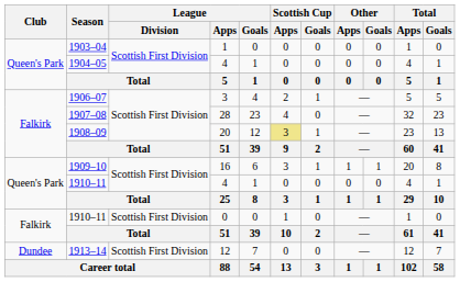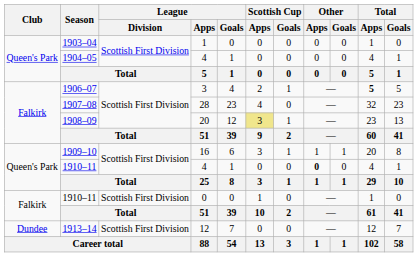 <table class="wikitable" style="text-align: center;">
 <tr>
 <th rowspan="2">Club</th>
 <th rowspan="2">Season</th>
 <th colspan="3">League</th>
 <th colspan="2">Scottish Cup</th>
 <th colspan="2">Other</th>
 <th colspan="2">Total</th>
 </tr>
 <tr>
 <th>Division</th>
 <th>Apps</th>
 <th>Goals</th>
 <th>Apps</th>
 <th>Goals</th>
 <th>Apps</th>
 <th>Goals</th>
 <th>Apps</th>
 <th>Goals</th>
 </tr>
 <tr>
 <td rowspan="3"><a href='#'>Queen's Park</a></td>
 <td><a href='#'>1903–04</a></td>
 <td rowspan="2"><a href='#'>Scottish First Division</a></td>
 <td>1</td>
 <td>0</td>
 <td>0</td>
 <td>0</td>
 <td>0</td>
 <td>0</td>
 <td>1</td>
 <td>0</td>
 </tr>
 <tr>
 <td><a href='#'>1904–05</a></td>
 <td>4</td>
 <td>1</td>
 <td>0</td>
 <td>0</td>
 <td>0</td>
 <td>0</td>
 <td>4</td>
 <td>1</td>
 </tr>
 <tr>
 <th colspan="2">Total</th>
 <th>5</th>
 <th>1</th>
 <th>0</th>
 <th>0</th>
 <th>0</th>
 <th>0</th>
 <th>5</th>
 <th>1</th>
 </tr>
 <tr>
 <td rowspan="4"><a href='#'>Falkirk</a></td>
 <td><a href='#'>1906–07</a></td>
 <td rowspan="3">Scottish First Division</td>
 <td>3</td>
 <td>4</td>
 <td>2</td>
 <td>1</td>
 <td colspan="2">—</td>
-<td>5</td>
+<td><strong>5</strong></td>
 <td>5</td>
 </tr>
 <tr>
 <td><a href='#'>1907–08</a></td>
 <td>28</td>
 <td>23</td>
 <td>4</td>
 <td>0</td>
 <td colspan="2">—</td>
 <td>32</td>
 <td>23</td>
 </tr>
 <tr>
 <td><a href='#'>1908–09</a></td>
 <td>20</td>
 <td>12</td>
 <td style="background: khaki;">3</td>
 <td>1</td>
 <td colspan="2">—</td>
 <td>23</td>
 <td>13</td>
 </tr>
 <tr>
 <th colspan="2">Total</th>
 <th>51</th>
 <th>39</th>
 <th>9</th>
 <th>2</th>
 <th colspan="2">—</th>
 <th>60</th>
 <th>41</th>
 </tr>
 <tr>
 <td rowspan="3">Queen's Park</td>
 <td><a href='#'>1909–10</a></td>
 <td rowspan="2">Scottish First Division</td>
 <td>16</td>
 <td>6</td>
 <td>3</td>
 <td>1</td>
 <td>1</td>
 <td>1</td>
 <td>20</td>
 <td>8</td>
 </tr>
 <tr>
 <td><a href='#'>1910–11</a></td>
 <td>4</td>
 <td>1</td>
 <td>0</td>
 <td>0</td>
-<td>0</td>
+<td><strong>0</strong></td>
 <td>0</td>
 <td>4</td>
 <td>1</td>
 </tr>
 <tr>
 <th colspan="2">Total</th>
 <th>25</th>
 <th>8</th>
 <th>3</th>
 <th>1</th>
 <th>1</th>
 <th>1</th>
 <th>29</th>
 <th>10</th>
 </tr>
 <tr>
 <td rowspan="2">Falkirk</td>
 <td>1910–11</td>
 <td>Scottish First Division</td>
 <td>0</td>
 <td>0</td>
 <td>1</td>
 <td>0</td>
 <td colspan="2">—</td>
 <td>1</td>
 <td>0</td>
 </tr>
 <tr>
 <th colspan="2">Total</th>
 <th>51</th>
 <th>39</th>
 <th>10</th>
 <th>2</th>
 <th colspan="2">—</th>
 <th>61</th>
 <th>41</th>
 </tr>
 <tr>
 <td><a href='#'>Dundee</a></td>
 <td><a href='#'>1913–14</a></td>
 <td>Scottish First Division</td>
 <td>12</td>
 <td>7</td>
 <td>0</td>
 <td>0</td>
 <td colspan="2">—</td>
 <td>12</td>
 <td>7</td>
 </tr>
 <tr>
 <th colspan="3">Career total</th>
 <th>88</th>
 <th>54</th>
 <th>13</th>
 <th>3</th>
 <th>1</th>
 <th>1</th>
 <th>102</th>
 <th>58</th>
 </tr>
 </table>
